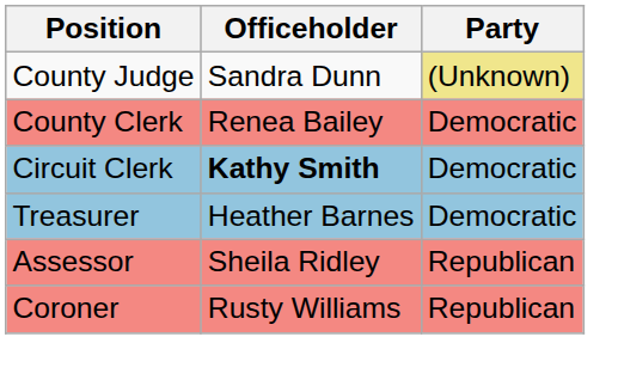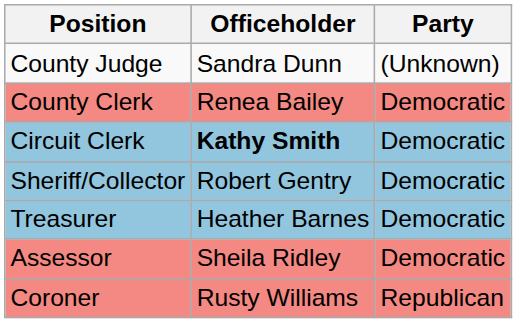 <table class="wikitable">
 <tr>
 <th>Position</th>
 <th>Officeholder</th>
 <th>Party</th>
 </tr>
 <tr>
 <td>County Judge</td>
 <td>Sandra Dunn</td>
-<td style="background: khaki;">(Unknown)</td>
+<td>(Unknown)</td>
 </tr>
 <tr style="background-color:#F48882;">
 <td>County Clerk</td>
 <td>Renea Bailey</td>
 <td>Democratic</td>
 </tr>
 <tr style="background-color:#92C5DE;">
 <td>Circuit Clerk</td>
 <td><strong>Kathy Smith</strong></td>
 <td>Democratic</td>
 </tr>
 <tr style="background-color:#92C5DE;">
+<td>Sheriff/Collector</td>
+<td>Robert Gentry</td>
+<td>Democratic</td>
+</tr>
+<tr style="background-color:#92C5DE;">
 <td>Treasurer</td>
 <td>Heather Barnes</td>
 <td>Democratic</td>
 </tr>
 <tr style="background-color:#F48882;">
 <td>Assessor</td>
 <td>Sheila Ridley</td>
-<td>Republican</td>
+<td>Democratic</td>
 </tr>
 <tr style="background-color:#F48882;">
 <td>Coroner</td>
 <td>Rusty Williams</td>
 <td>Republican</td>
 </tr>
 </table>
